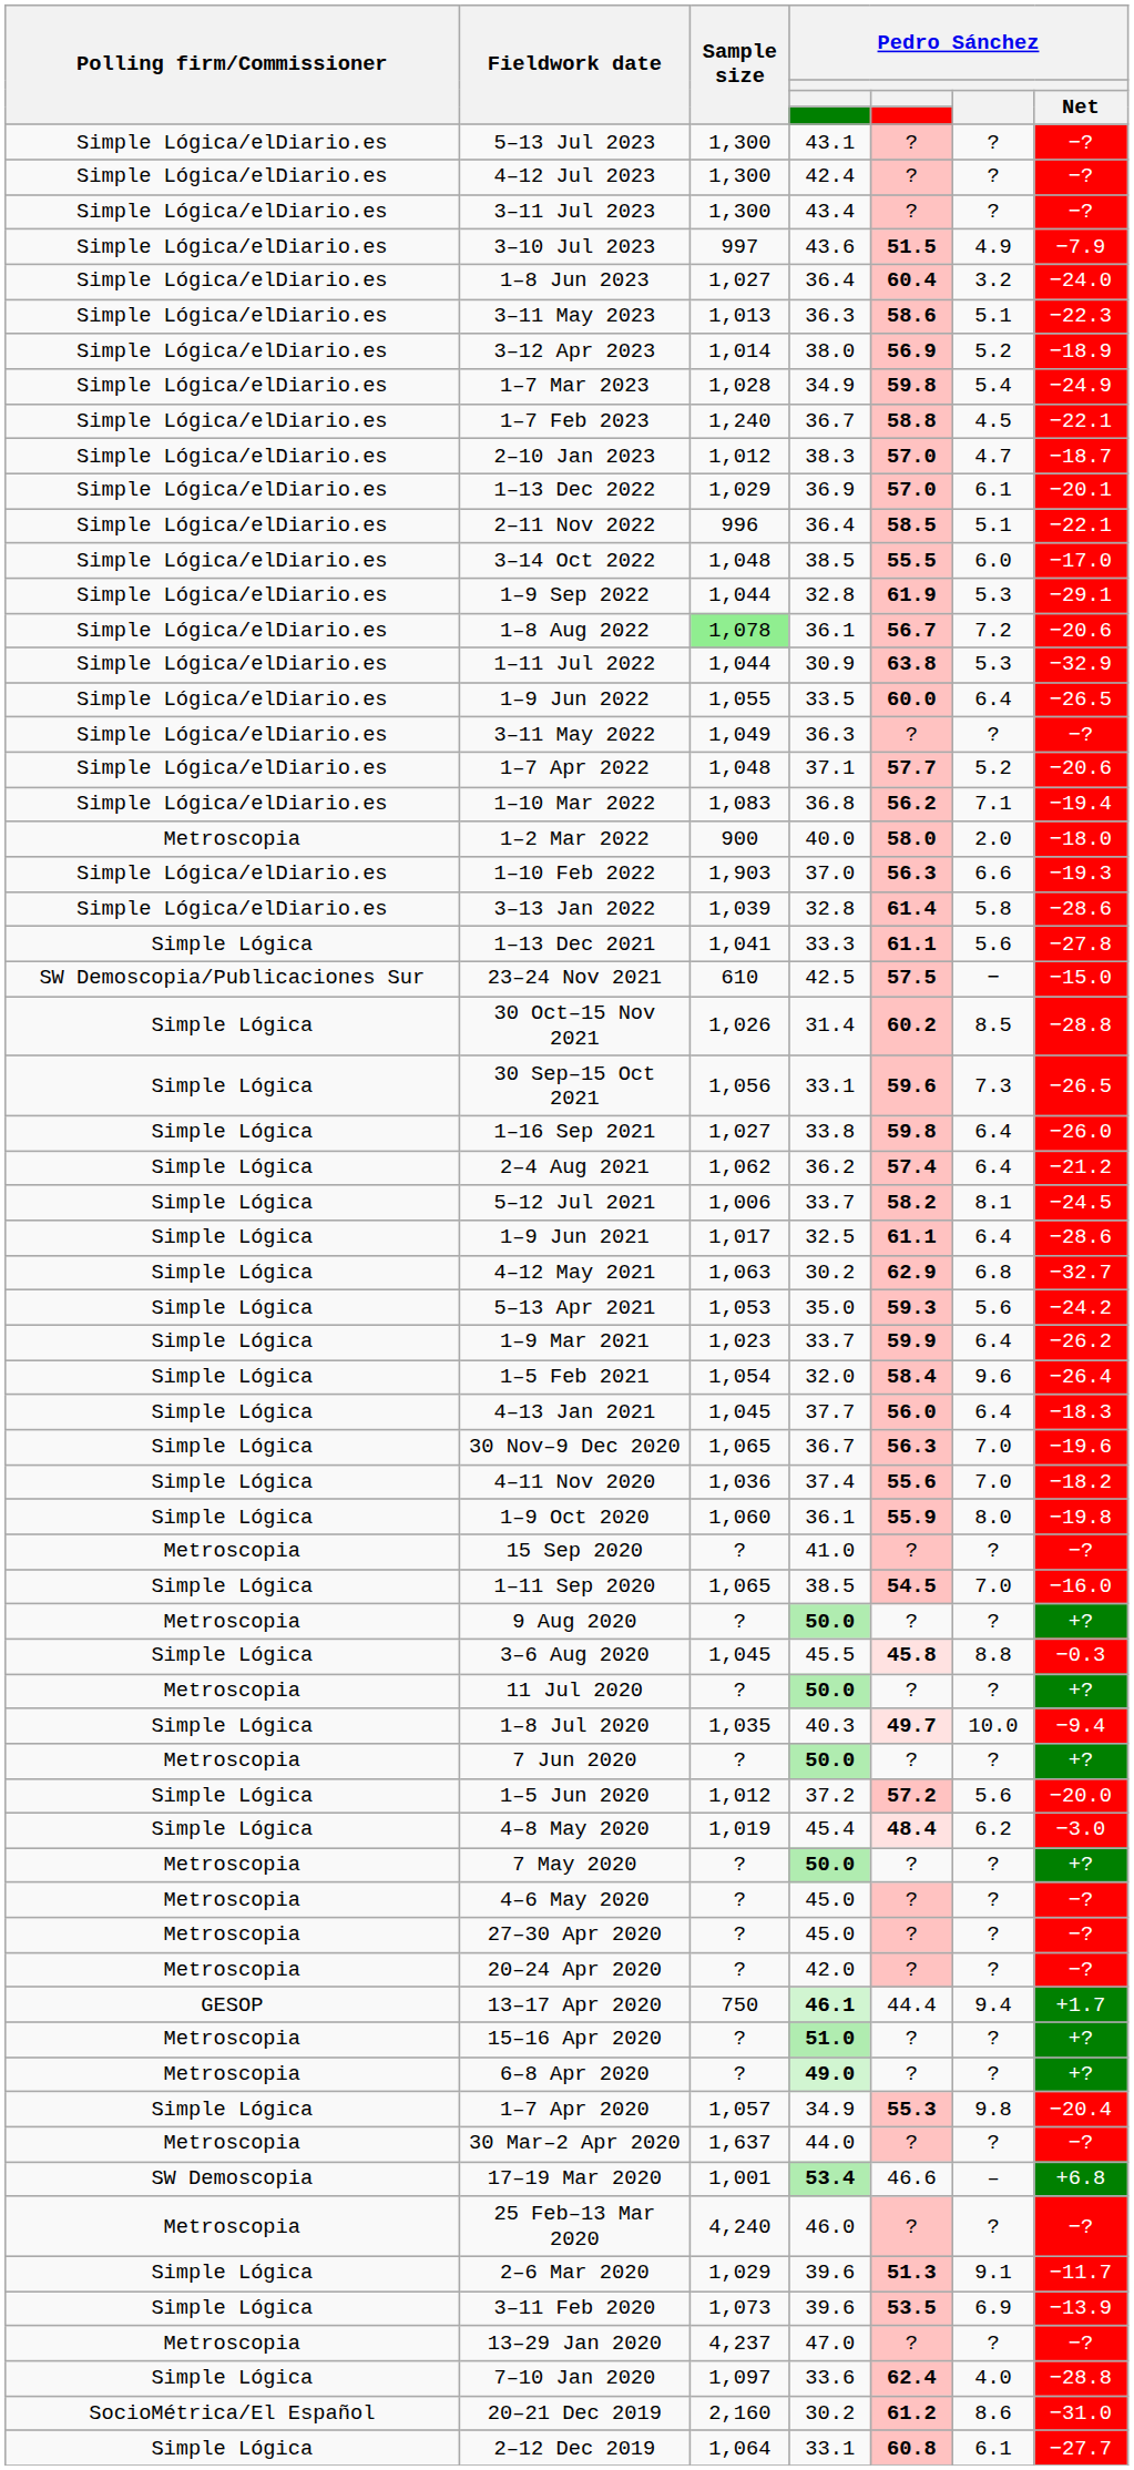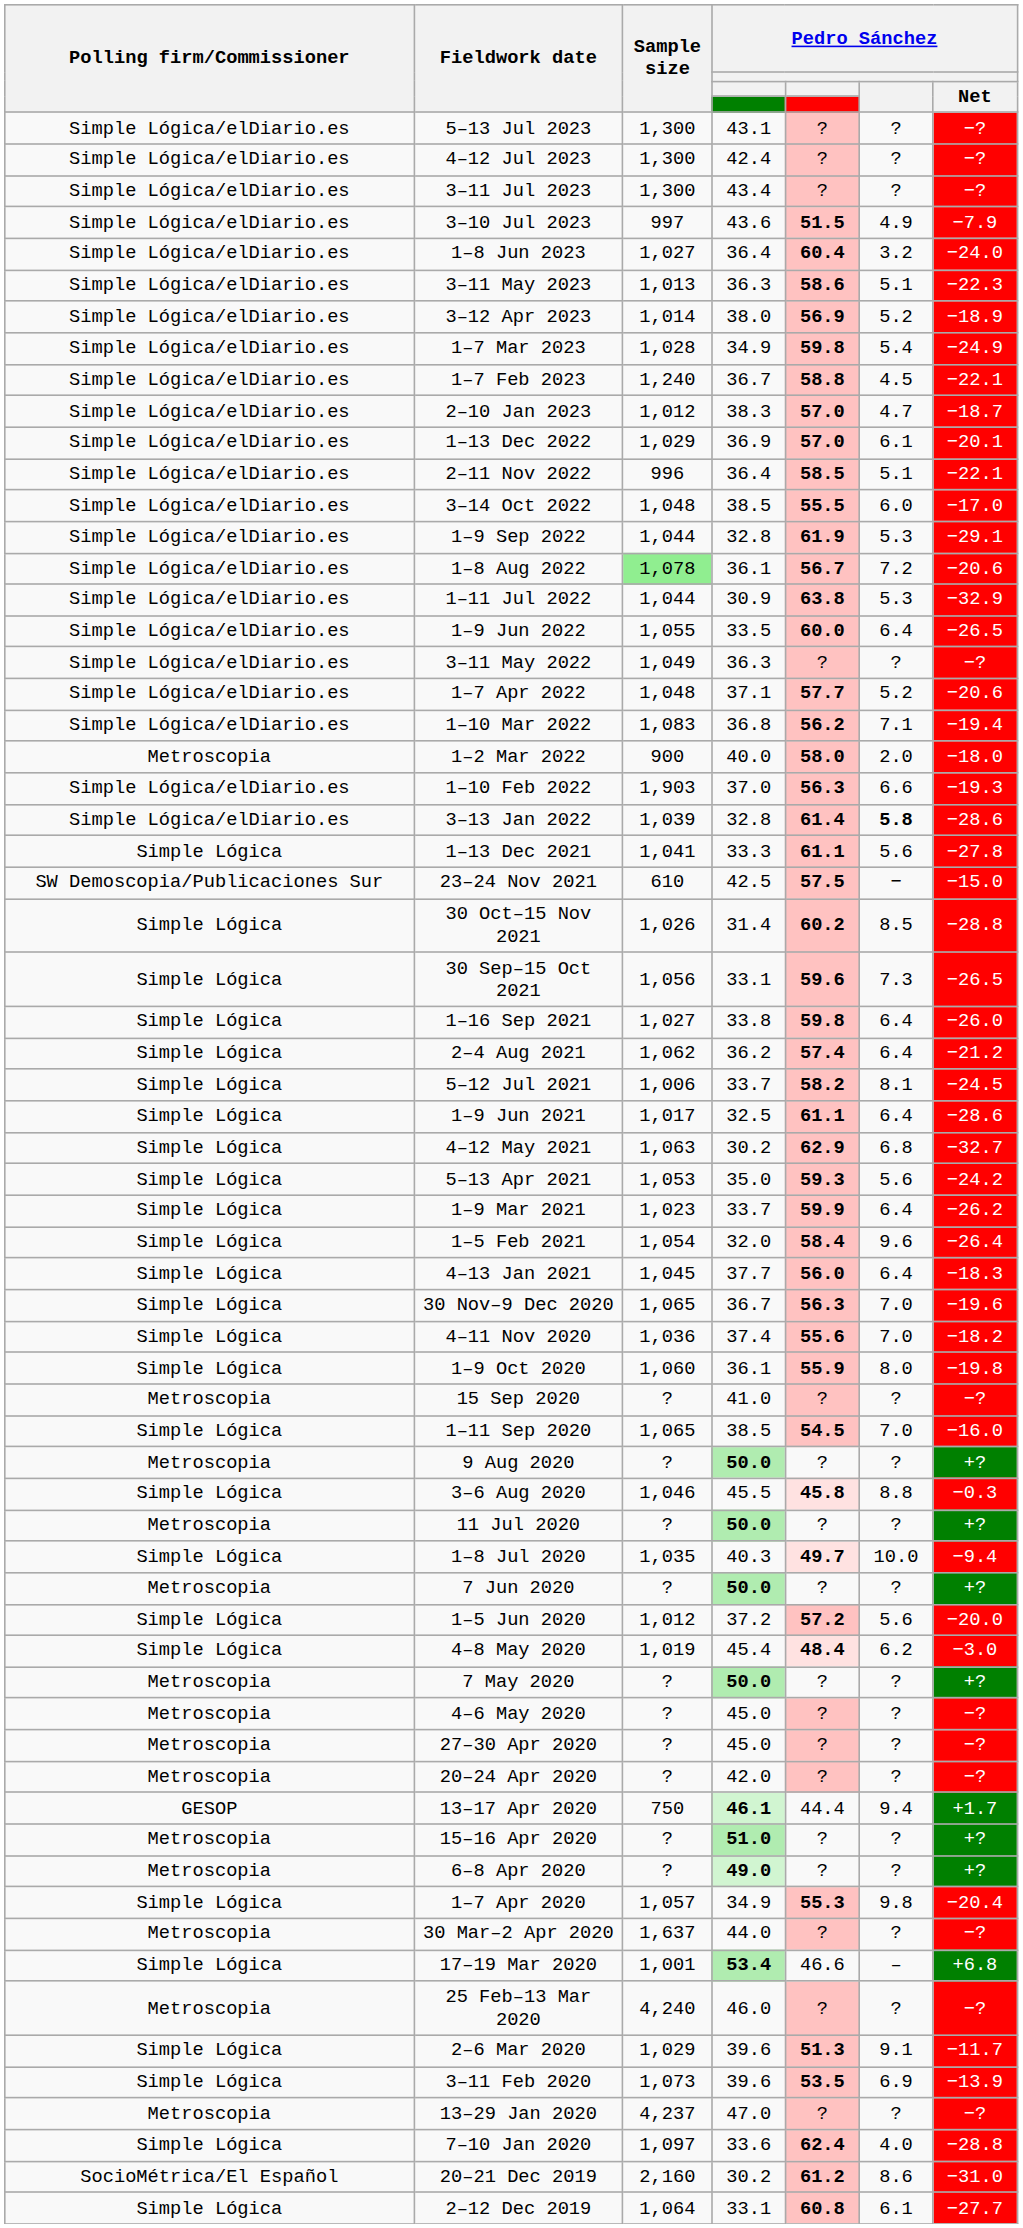 <table class="wikitable collapsible collapsed" style="text-align:center; font-size:90%; line-height:14px;">
 <tr style="height:42px;">
 <th style="width:250px;" rowspan="4">Polling firm/Commissioner</th>
 <th style="width:125px;" rowspan="4">Fieldwork date</th>
 <th style="width:50px;" rowspan="4">Sample size</th>
 <th style="width:185px;" colspan="4"><a href='#'>Pedro Sánchez</a><br></th>
 </tr>
 <tr>
 <th colspan="4" style="background:"></th>
 </tr>
 <tr>
 <th style="width:30px;"></th>
 <th style="width:30px;"></th>
 <th style="width:30px;" rowspan="2"></th>
 <th style="width:30px;" rowspan="2">Net</th>
 </tr>
 <tr>
 <th style="color:inherit;background:#008000;"></th>
 <th style="color:inherit;background:#FF0000;"></th>
 </tr>
 <tr>
 <td>Simple Lógica/elDiario.es</td>
 <td>5–13 Jul 2023</td>
 <td>1,300</td>
 <td>43.1</td>
 <td style="background:#FFC2C1;">?</td>
 <td>?</td>
 <td style="background:#FF0000; color:white;">−?</td>
 </tr>
 <tr>
 <td>Simple Lógica/elDiario.es</td>
 <td>4–12 Jul 2023</td>
 <td>1,300</td>
 <td>42.4</td>
 <td style="background:#FFC2C1;">?</td>
 <td>?</td>
 <td style="background:#FF0000; color:white;">−?</td>
 </tr>
 <tr>
 <td>Simple Lógica/elDiario.es</td>
 <td>3–11 Jul 2023</td>
 <td>1,300</td>
 <td>43.4</td>
 <td style="background:#FFC2C1;">?</td>
 <td>?</td>
 <td style="background:#FF0000; color:white;">−?</td>
 </tr>
 <tr>
 <td>Simple Lógica/elDiario.es</td>
 <td>3–10 Jul 2023</td>
 <td>997</td>
 <td>43.6</td>
 <td style="background:#FFC2C1;"><strong>51.5</strong></td>
 <td>4.9</td>
 <td style="background:#FF0000; color:white;">−7.9</td>
 </tr>
 <tr>
 <td>Simple Lógica/elDiario.es</td>
 <td>1–8 Jun 2023</td>
 <td>1,027</td>
 <td>36.4</td>
 <td style="background:#FFC2C1;"><strong>60.4</strong></td>
 <td>3.2</td>
 <td style="background:#FF0000; color:white;">−24.0</td>
 </tr>
 <tr>
 <td>Simple Lógica/elDiario.es</td>
 <td>3–11 May 2023</td>
 <td>1,013</td>
 <td>36.3</td>
 <td style="background:#FFC2C1;"><strong>58.6</strong></td>
 <td>5.1</td>
 <td style="background:#FF0000; color:white;">−22.3</td>
 </tr>
 <tr>
 <td>Simple Lógica/elDiario.es</td>
 <td>3–12 Apr 2023</td>
 <td>1,014</td>
 <td>38.0</td>
 <td style="background:#FFC2C1;"><strong>56.9</strong></td>
 <td>5.2</td>
 <td style="background:#FF0000; color:white;">−18.9</td>
 </tr>
 <tr>
 <td>Simple Lógica/elDiario.es</td>
 <td>1–7 Mar 2023</td>
 <td>1,028</td>
 <td>34.9</td>
 <td style="background:#FFC2C1;"><strong>59.8</strong></td>
 <td>5.4</td>
 <td style="background:#FF0000; color:white;">−24.9</td>
 </tr>
 <tr>
 <td>Simple Lógica/elDiario.es</td>
 <td>1–7 Feb 2023</td>
 <td>1,240</td>
 <td>36.7</td>
 <td style="background:#FFC2C1;"><strong>58.8</strong></td>
 <td>4.5</td>
 <td style="background:#FF0000; color:white;">−22.1</td>
 </tr>
 <tr>
 <td>Simple Lógica/elDiario.es</td>
 <td>2–10 Jan 2023</td>
 <td>1,012</td>
 <td>38.3</td>
 <td style="background:#FFC2C1;"><strong>57.0</strong></td>
 <td>4.7</td>
 <td style="background:#FF0000; color:white;">−18.7</td>
 </tr>
 <tr>
 <td>Simple Lógica/elDiario.es</td>
 <td>1–13 Dec 2022</td>
 <td>1,029</td>
 <td>36.9</td>
 <td style="background:#FFC2C1;"><strong>57.0</strong></td>
 <td>6.1</td>
 <td style="background:#FF0000; color:white;">−20.1</td>
 </tr>
 <tr>
 <td>Simple Lógica/elDiario.es</td>
 <td>2–11 Nov 2022</td>
 <td>996</td>
 <td>36.4</td>
 <td style="background:#FFC2C1;"><strong>58.5</strong></td>
 <td>5.1</td>
 <td style="background:#FF0000; color:white;">−22.1</td>
 </tr>
 <tr>
 <td>Simple Lógica/elDiario.es</td>
 <td>3–14 Oct 2022</td>
 <td>1,048</td>
 <td>38.5</td>
 <td style="background:#FFC2C1;"><strong>55.5</strong></td>
 <td>6.0</td>
 <td style="background:#FF0000; color:white;">−17.0</td>
 </tr>
 <tr>
 <td>Simple Lógica/elDiario.es</td>
 <td>1–9 Sep 2022</td>
 <td>1,044</td>
 <td>32.8</td>
 <td style="background:#FFC2C1;"><strong>61.9</strong></td>
 <td>5.3</td>
 <td style="background:#FF0000; color:white;">−29.1</td>
 </tr>
 <tr>
 <td>Simple Lógica/elDiario.es</td>
 <td>1–8 Aug 2022</td>
 <td style="background: lightgreen;">1,078</td>
 <td>36.1</td>
 <td style="background:#FFC2C1;"><strong>56.7</strong></td>
 <td>7.2</td>
 <td style="background:#FF0000; color:white;">−20.6</td>
 </tr>
 <tr>
 <td>Simple Lógica/elDiario.es</td>
 <td>1–11 Jul 2022</td>
 <td>1,044</td>
 <td>30.9</td>
 <td style="background:#FFC2C1;"><strong>63.8</strong></td>
 <td>5.3</td>
 <td style="background:#FF0000; color:white;">−32.9</td>
 </tr>
 <tr>
 <td>Simple Lógica/elDiario.es</td>
 <td>1–9 Jun 2022</td>
 <td>1,055</td>
 <td>33.5</td>
 <td style="background:#FFC2C1;"><strong>60.0</strong></td>
 <td>6.4</td>
 <td style="background:#FF0000; color:white;">−26.5</td>
 </tr>
 <tr>
 <td>Simple Lógica/elDiario.es</td>
 <td>3–11 May 2022</td>
 <td>1,049</td>
 <td>36.3</td>
 <td style="background:#FFC2C1;">?</td>
 <td>?</td>
 <td style="background:#FF0000; color:white;">−?</td>
 </tr>
 <tr>
 <td>Simple Lógica/elDiario.es</td>
 <td>1–7 Apr 2022</td>
 <td>1,048</td>
 <td>37.1</td>
 <td style="background:#FFC2C1;"><strong>57.7</strong></td>
 <td>5.2</td>
 <td style="background:#FF0000; color:white;">−20.6</td>
 </tr>
 <tr>
 <td>Simple Lógica/elDiario.es</td>
 <td>1–10 Mar 2022</td>
 <td>1,083</td>
 <td>36.8</td>
 <td style="background:#FFC2C1;"><strong>56.2</strong></td>
 <td>7.1</td>
 <td style="background:#FF0000; color:white;">−19.4</td>
 </tr>
 <tr>
 <td>Metroscopia</td>
 <td>1–2 Mar 2022</td>
 <td>900</td>
 <td>40.0</td>
 <td style="background:#FFC2C1;"><strong>58.0</strong></td>
 <td>2.0</td>
 <td style="background:#FF0000; color:white;">−18.0</td>
 </tr>
 <tr>
 <td>Simple Lógica/elDiario.es</td>
 <td>1–10 Feb 2022</td>
 <td>1,903</td>
 <td>37.0</td>
 <td style="background:#FFC2C1;"><strong>56.3</strong></td>
 <td>6.6</td>
 <td style="background:#FF0000; color:white;">−19.3</td>
 </tr>
 <tr>
 <td>Simple Lógica/elDiario.es</td>
 <td>3–13 Jan 2022</td>
 <td>1,039</td>
 <td>32.8</td>
 <td style="background:#FFC2C1;"><strong>61.4</strong></td>
-<td>5.8</td>
+<td><strong>5.8</strong></td>
 <td style="background:#FF0000; color:white;">−28.6</td>
 </tr>
 <tr>
 <td>Simple Lógica</td>
 <td>1–13 Dec 2021</td>
 <td>1,041</td>
 <td>33.3</td>
 <td style="background:#FFC2C1;"><strong>61.1</strong></td>
 <td>5.6</td>
 <td style="background:#FF0000; color:white;">−27.8</td>
 </tr>
 <tr>
 <td>SW Demoscopia/Publicaciones Sur</td>
 <td>23–24 Nov 2021</td>
 <td>610</td>
 <td>42.5</td>
 <td style="background:#FFC2C1;"><strong>57.5</strong></td>
 <td>−</td>
 <td style="background:#FF0000; color:white;">−15.0</td>
 </tr>
 <tr>
 <td>Simple Lógica</td>
 <td>30 Oct–15 Nov 2021</td>
 <td>1,026</td>
 <td>31.4</td>
 <td style="background:#FFC2C1;"><strong>60.2</strong></td>
 <td>8.5</td>
 <td style="background:#FF0000; color:white;">−28.8</td>
 </tr>
 <tr>
 <td>Simple Lógica</td>
 <td>30 Sep–15 Oct 2021</td>
 <td>1,056</td>
 <td>33.1</td>
 <td style="background:#FFC2C1;"><strong>59.6</strong></td>
 <td>7.3</td>
 <td style="background:#FF0000; color:white;">−26.5</td>
 </tr>
 <tr>
 <td>Simple Lógica</td>
 <td>1–16 Sep 2021</td>
 <td>1,027</td>
 <td>33.8</td>
 <td style="background:#FFC2C1;"><strong>59.8</strong></td>
 <td>6.4</td>
 <td style="background:#FF0000; color:white;">−26.0</td>
 </tr>
 <tr>
 <td>Simple Lógica</td>
 <td>2–4 Aug 2021</td>
 <td>1,062</td>
 <td>36.2</td>
 <td style="background:#FFC2C1;"><strong>57.4</strong></td>
 <td>6.4</td>
 <td style="background:#FF0000; color:white;">−21.2</td>
 </tr>
 <tr>
 <td>Simple Lógica</td>
 <td>5–12 Jul 2021</td>
 <td>1,006</td>
 <td>33.7</td>
 <td style="background:#FFC2C1;"><strong>58.2</strong></td>
 <td>8.1</td>
 <td style="background:#FF0000; color:white;">−24.5</td>
 </tr>
 <tr>
 <td>Simple Lógica</td>
 <td>1–9 Jun 2021</td>
 <td>1,017</td>
 <td>32.5</td>
 <td style="background:#FFC2C1;"><strong>61.1</strong></td>
 <td>6.4</td>
 <td style="background:#FF0000; color:white;">−28.6</td>
 </tr>
 <tr>
 <td>Simple Lógica</td>
 <td>4–12 May 2021</td>
 <td>1,063</td>
 <td>30.2</td>
 <td style="background:#FFC2C1;"><strong>62.9</strong></td>
 <td>6.8</td>
 <td style="background:#FF0000; color:white;">−32.7</td>
 </tr>
 <tr>
 <td>Simple Lógica</td>
 <td>5–13 Apr 2021</td>
 <td>1,053</td>
 <td>35.0</td>
 <td style="background:#FFC2C1;"><strong>59.3</strong></td>
 <td>5.6</td>
 <td style="background:#FF0000; color:white;">−24.2</td>
 </tr>
 <tr>
 <td>Simple Lógica</td>
 <td>1–9 Mar 2021</td>
 <td>1,023</td>
 <td>33.7</td>
 <td style="background:#FFC2C1;"><strong>59.9</strong></td>
 <td>6.4</td>
 <td style="background:#FF0000; color:white;">−26.2</td>
 </tr>
 <tr>
 <td>Simple Lógica</td>
 <td>1–5 Feb 2021</td>
 <td>1,054</td>
 <td>32.0</td>
 <td style="background:#FFC2C1;"><strong>58.4</strong></td>
 <td>9.6</td>
 <td style="background:#FF0000; color:white;">−26.4</td>
 </tr>
 <tr>
 <td>Simple Lógica</td>
 <td>4–13 Jan 2021</td>
 <td>1,045</td>
 <td>37.7</td>
 <td style="background:#FFC2C1;"><strong>56.0</strong></td>
 <td>6.4</td>
 <td style="background:#FF0000; color:white;">−18.3</td>
 </tr>
 <tr>
 <td>Simple Lógica</td>
 <td>30 Nov–9 Dec 2020</td>
 <td>1,065</td>
 <td>36.7</td>
 <td style="background:#FFC2C1;"><strong>56.3</strong></td>
 <td>7.0</td>
 <td style="background:#FF0000; color:white;">−19.6</td>
 </tr>
 <tr>
 <td>Simple Lógica</td>
 <td>4–11 Nov 2020</td>
 <td>1,036</td>
 <td>37.4</td>
 <td style="background:#FFC2C1;"><strong>55.6</strong></td>
 <td>7.0</td>
 <td style="background:#FF0000; color:white;">−18.2</td>
 </tr>
 <tr>
 <td>Simple Lógica</td>
 <td>1–9 Oct 2020</td>
 <td>1,060</td>
 <td>36.1</td>
 <td style="background:#FFC2C1;"><strong>55.9</strong></td>
 <td>8.0</td>
 <td style="background:#FF0000; color:white;">−19.8</td>
 </tr>
 <tr>
 <td>Metroscopia</td>
 <td>15 Sep 2020</td>
 <td>?</td>
 <td>41.0</td>
 <td style="background:#FFC2C1;">?</td>
 <td>?</td>
 <td style="background:#FF0000; color:white;">−?</td>
 </tr>
 <tr>
 <td>Simple Lógica</td>
 <td>1–11 Sep 2020</td>
 <td>1,065</td>
 <td>38.5</td>
 <td style="background:#FFC2C1;"><strong>54.5</strong></td>
 <td>7.0</td>
 <td style="background:#FF0000; color:white;">−16.0</td>
 </tr>
 <tr>
 <td>Metroscopia</td>
 <td>9 Aug 2020</td>
 <td>?</td>
 <td style="background:#B0ECB0;"><strong>50.0</strong></td>
 <td>?</td>
 <td>?</td>
 <td style="background:#008000; color:white;">+?</td>
 </tr>
 <tr>
 <td>Simple Lógica</td>
 <td>3–6 Aug 2020</td>
-<td>1,045</td>
+<td>1,046</td>
 <td>45.5</td>
 <td style="background:#FFE2E1;"><strong>45.8</strong></td>
 <td>8.8</td>
 <td style="background:#FF0000; color:white;">−0.3</td>
 </tr>
 <tr>
 <td>Metroscopia</td>
 <td>11 Jul 2020</td>
 <td>?</td>
 <td style="background:#B0ECB0;"><strong>50.0</strong></td>
 <td>?</td>
 <td>?</td>
 <td style="background:#008000; color:white;">+?</td>
 </tr>
 <tr>
 <td>Simple Lógica</td>
 <td>1–8 Jul 2020</td>
 <td>1,035</td>
 <td>40.3</td>
 <td style="background:#FFE2E1;"><strong>49.7</strong></td>
 <td>10.0</td>
 <td style="background:#FF0000; color:white;">−9.4</td>
 </tr>
 <tr>
 <td>Metroscopia</td>
 <td>7 Jun 2020</td>
 <td>?</td>
 <td style="background:#B0ECB0;"><strong>50.0</strong></td>
 <td>?</td>
 <td>?</td>
 <td style="background:#008000; color:white;">+?</td>
 </tr>
 <tr>
 <td>Simple Lógica</td>
 <td>1–5 Jun 2020</td>
 <td>1,012</td>
 <td>37.2</td>
 <td style="background:#FFC2C1;"><strong>57.2</strong></td>
 <td>5.6</td>
 <td style="background:#FF0000; color:white;">−20.0</td>
 </tr>
 <tr>
 <td>Simple Lógica</td>
 <td>4–8 May 2020</td>
 <td>1,019</td>
 <td>45.4</td>
 <td style="background:#FFE2E1;"><strong>48.4</strong></td>
 <td>6.2</td>
 <td style="background:#FF0000; color:white;">−3.0</td>
 </tr>
 <tr>
 <td>Metroscopia</td>
 <td>7 May 2020</td>
 <td>?</td>
 <td style="background:#B0ECB0;"><strong>50.0</strong></td>
 <td>?</td>
 <td>?</td>
 <td style="background:#008000; color:white;">+?</td>
 </tr>
 <tr>
 <td>Metroscopia</td>
 <td>4–6 May 2020</td>
 <td>?</td>
 <td>45.0</td>
 <td style="background:#FFC2C1;">?</td>
 <td>?</td>
 <td style="background:#FF0000; color:white;">−?</td>
 </tr>
 <tr>
 <td>Metroscopia</td>
 <td>27–30 Apr 2020</td>
 <td>?</td>
 <td>45.0</td>
 <td style="background:#FFC2C1;">?</td>
 <td>?</td>
 <td style="background:#FF0000; color:white;">−?</td>
 </tr>
 <tr>
 <td>Metroscopia</td>
 <td>20–24 Apr 2020</td>
 <td>?</td>
 <td>42.0</td>
 <td style="background:#FFC2C1;">?</td>
 <td>?</td>
 <td style="background:#FF0000; color:white;">−?</td>
 </tr>
 <tr>
 <td>GESOP</td>
 <td>13–17 Apr 2020</td>
 <td>750</td>
 <td style="background:#D1F5D1;"><strong>46.1</strong></td>
 <td>44.4</td>
 <td>9.4</td>
 <td style="background:#008000; color:white;">+1.7</td>
 </tr>
 <tr>
 <td>Metroscopia</td>
 <td>15–16 Apr 2020</td>
 <td>?</td>
 <td style="background:#B0ECB0;"><strong>51.0</strong></td>
 <td>?</td>
 <td>?</td>
 <td style="background:#008000; color:white;">+?</td>
 </tr>
 <tr>
 <td>Metroscopia</td>
 <td>6–8 Apr 2020</td>
 <td>?</td>
 <td style="background:#D1F5D1;"><strong>49.0</strong></td>
 <td>?</td>
 <td>?</td>
 <td style="background:#008000; color:white;">+?</td>
 </tr>
 <tr>
 <td>Simple Lógica</td>
 <td>1–7 Apr 2020</td>
 <td>1,057</td>
 <td>34.9</td>
 <td style="background:#FFC2C1;"><strong>55.3</strong></td>
 <td>9.8</td>
 <td style="background:#FF0000; color:white;">−20.4</td>
 </tr>
 <tr>
 <td>Metroscopia</td>
 <td>30 Mar–2 Apr 2020</td>
 <td>1,637</td>
 <td>44.0</td>
 <td style="background:#FFC2C1;">?</td>
 <td>?</td>
 <td style="background:#FF0000; color:white;">−?</td>
 </tr>
 <tr>
-<td>SW Demoscopia</td>
+<td>Simple Lógica</td>
 <td>17–19 Mar 2020</td>
 <td>1,001</td>
 <td style="background:#B0ECB0;"><strong>53.4</strong></td>
 <td>46.6</td>
 <td>–</td>
 <td style="background:#008000; color:white;">+6.8</td>
 </tr>
 <tr>
 <td>Metroscopia</td>
 <td>25 Feb–13 Mar 2020</td>
 <td>4,240</td>
 <td>46.0</td>
 <td style="background:#FFC2C1;">?</td>
 <td>?</td>
 <td style="background:#FF0000; color:white;">−?</td>
 </tr>
 <tr>
 <td>Simple Lógica</td>
 <td>2–6 Mar 2020</td>
 <td>1,029</td>
 <td>39.6</td>
 <td style="background:#FFC2C1;"><strong>51.3</strong></td>
 <td>9.1</td>
 <td style="background:#FF0000; color:white;">−11.7</td>
 </tr>
 <tr>
 <td>Simple Lógica</td>
 <td>3–11 Feb 2020</td>
 <td>1,073</td>
 <td>39.6</td>
 <td style="background:#FFC2C1;"><strong>53.5</strong></td>
 <td>6.9</td>
 <td style="background:#FF0000; color:white;">−13.9</td>
 </tr>
 <tr>
 <td>Metroscopia</td>
 <td>13–29 Jan 2020</td>
 <td>4,237</td>
 <td>47.0</td>
 <td style="background:#FFC2C1;">?</td>
 <td>?</td>
 <td style="background:#FF0000; color:white;">−?</td>
 </tr>
 <tr>
 <td>Simple Lógica</td>
 <td>7–10 Jan 2020</td>
 <td>1,097</td>
 <td>33.6</td>
 <td style="background:#FFC2C1;"><strong>62.4</strong></td>
 <td>4.0</td>
 <td style="background:#FF0000; color:white;">−28.8</td>
 </tr>
 <tr>
 <td>SocioMétrica/El Español</td>
 <td>20–21 Dec 2019</td>
 <td>2,160</td>
 <td>30.2</td>
 <td style="background:#FFC2C1;"><strong>61.2</strong></td>
 <td>8.6</td>
 <td style="background:#FF0000; color:white;">−31.0</td>
 </tr>
 <tr>
 <td>Simple Lógica</td>
 <td>2–12 Dec 2019</td>
 <td>1,064</td>
 <td>33.1</td>
 <td style="background:#FFC2C1;"><strong>60.8</strong></td>
 <td>6.1</td>
 <td style="background:#FF0000; color:white;">−27.7</td>
 </tr>
 </table>
